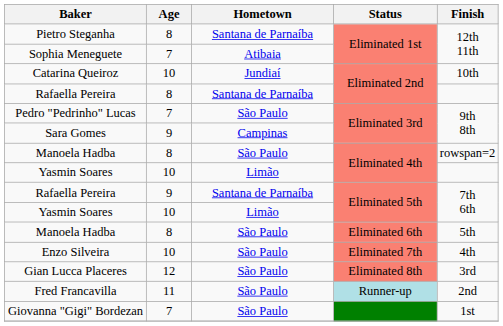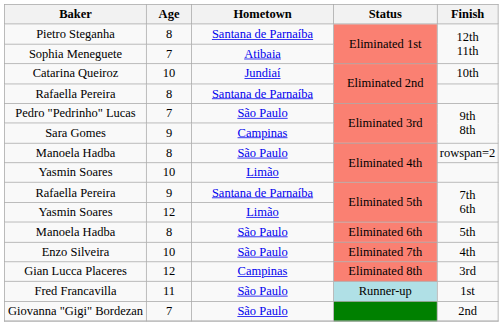 <table class="wikitable" style="text-align:center">
 <tr>
 <th width=175>Baker</th>
 <th width=050>Age</th>
 <th width=175>Hometown</th>
 <th width=125>Status</th>
 <th width=050>Finish</th>
 </tr>
 <tr>
 <td>Pietro Steganha</td>
 <td>8</td>
 <td><a href='#'>Santana de Parnaíba</a></td>
 <td rowspan=2 bgcolor=FA8072>Eliminated 1st</td>
 <td rowspan=2>12th<br>11th</td>
 </tr>
 <tr>
 <td>Sophia Meneguete</td>
 <td>7</td>
 <td><a href='#'>Atibaia</a></td>
 </tr>
 <tr>
 <td>Catarina Queiroz</td>
 <td>10</td>
 <td><a href='#'>Jundiaí</a></td>
 <td rowspan=2 bgcolor=FA8072>Eliminated 2nd</td>
 <td>10th</td>
 </tr>
 <tr>
 <td>Rafaella Pereira</td>
 <td>8</td>
 <td><a href='#'>Santana de Parnaíba</a></td>
 <td></td>
 </tr>
 <tr>
 <td>Pedro "Pedrinho" Lucas</td>
 <td>7</td>
 <td><a href='#'>São Paulo</a></td>
 <td rowspan=2 bgcolor=FA8072>Eliminated 3rd</td>
 <td rowspan=2>9th<br>8th</td>
 </tr>
 <tr>
 <td>Sara Gomes</td>
 <td>9</td>
 <td><a href='#'>Campinas</a></td>
 </tr>
 <tr>
 <td>Manoela Hadba</td>
 <td>8</td>
 <td><a href='#'>São Paulo</a></td>
 <td rowspan=2 bgcolor=FA8072>Eliminated 4th</td>
 <td>rowspan=2 </td>
 </tr>
 <tr>
 <td>Yasmin Soares</td>
 <td>10</td>
 <td><a href='#'>Limão</a></td>
 </tr>
 <tr>
 <td>Rafaella Pereira</td>
 <td>9</td>
 <td><a href='#'>Santana de Parnaíba</a></td>
 <td rowspan=2 bgcolor=FA8072>Eliminated 5th</td>
 <td rowspan=2>7th<br>6th</td>
 </tr>
 <tr>
 <td>Yasmin Soares</td>
-<td>10</td>
+<td>12</td>
 <td><a href='#'>Limão</a></td>
 </tr>
 <tr>
 <td>Manoela Hadba</td>
 <td>8</td>
 <td><a href='#'>São Paulo</a></td>
 <td bgcolor=FA8072>Eliminated 6th</td>
 <td>5th</td>
 </tr>
 <tr>
 <td>Enzo Silveira</td>
 <td>10</td>
 <td><a href='#'>São Paulo</a></td>
 <td bgcolor=FA8072>Eliminated 7th</td>
 <td>4th</td>
 </tr>
 <tr>
 <td>Gian Lucca Placeres</td>
 <td>12</td>
-<td><a href='#'>São Paulo</a></td>
+<td><a href='#'>Campinas</a></td>
 <td bgcolor=FA8072>Eliminated 8th</td>
 <td>3rd</td>
 </tr>
 <tr>
 <td>Fred Francavilla</td>
 <td>11</td>
 <td><a href='#'>São Paulo</a></td>
 <td bgcolor=B0E0E6>Runner-up</td>
-<td>2nd</td>
+<td>1st</td>
 </tr>
 <tr>
 <td>Giovanna "Gigi" Bordezan</td>
 <td>7</td>
 <td><a href='#'>São Paulo</a></td>
 <td bgcolor=008000></td>
-<td>1st</td>
+<td>2nd</td>
 </tr>
 <tr>
 </tr>
 </table>
